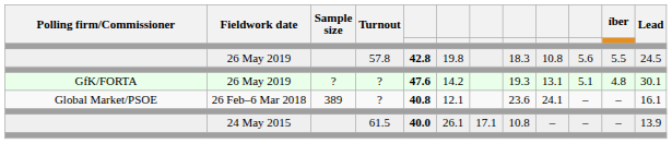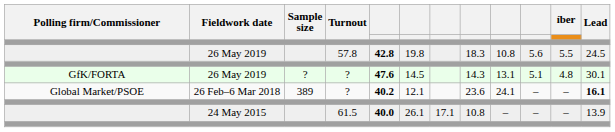 <table class="wikitable collapsible collapsed" style="text-align:center; font-size:95%; line-height:16px;">
 <tr style="height:42px;">
 <th style="width:250px;" rowspan="2">Polling firm/Commissioner</th>
 <th style="width:125px;" rowspan="2">Fieldwork date</th>
 <th style="width:50px;" rowspan="2">Sample size</th>
 <th style="width:45px;" rowspan="2">Turnout</th>
 <th style="width:35px;"></th>
 <th style="width:35px;"></th>
 <th style="width:35px;"></th>
 <th style="width:35px;"></th>
 <th style="width:35px;"></th>
 <th style="width:35px;"></th>
 <th style="width:35px;">íber</th>
 <th style="width:30px;" rowspan="2">Lead</th>
 </tr>
 <tr>
 <th style="color:inherit;background:"></th>
 <th style="color:inherit;background:"></th>
 <th style="color:inherit;background:"></th>
 <th style="color:inherit;background:"></th>
 <th style="color:inherit;background:"></th>
 <th style="color:inherit;background:"></th>
 <th style="color:inherit;background:#EA8E19;"></th>
 </tr>
 <tr>
 <td colspan="12" style="background:#A0A0A0"></td>
 </tr>
 <tr style="background:#EFEFEF;">
 <td><strong></strong></td>
 <td>26 May 2019</td>
 <td></td>
 <td>57.8</td>
 <td><strong>42.8</strong><br></td>
 <td>19.8<br></td>
 <td></td>
 <td>18.3<br></td>
 <td>10.8<br></td>
 <td>5.6<br></td>
 <td>5.5<br></td>
 <td style="background:">24.5</td>
 </tr>
 <tr>
 <td colspan="12" style="background:#A0A0A0"></td>
 </tr>
 <tr style="background:#EAFFEA;">
 <td>GfK/FORTA</td>
 <td>26 May 2019</td>
 <td>?</td>
 <td>?</td>
 <td><strong>47.6</strong><br></td>
-<td>14.2<br></td>
+<td>14.5<br></td>
 <td></td>
-<td>19.3<br></td>
+<td>14.3<br></td>
 <td>13.1<br></td>
 <td>5.1<br></td>
 <td>4.8<br></td>
 <td style="background:">30.1</td>
 </tr>
 <tr>
 <td>Global Market/PSOE</td>
 <td>26 Feb–6 Mar 2018</td>
 <td>389</td>
 <td>?</td>
-<td><strong>40.8</strong><br></td>
+<td><strong>40.2</strong><br></td>
 <td>12.1<br></td>
 <td></td>
 <td>23.6<br></td>
 <td>24.1<br></td>
 <td>–</td>
 <td>–</td>
-<td style="background:">16.1</td>
+<td style="background:"><strong>16.1</strong></td>
 </tr>
 <tr>
 <td colspan="12" style="background:#A0A0A0"></td>
 </tr>
 <tr style="background:#EFEFEF;">
 <td><strong></strong></td>
 <td>24 May 2015</td>
 <td></td>
 <td>61.5</td>
 <td><strong>40.0</strong><br></td>
 <td>26.1<br></td>
 <td>17.1<br></td>
 <td>10.8<br></td>
 <td>–</td>
 <td>–</td>
 <td>–</td>
 <td style="background:">13.9</td>
 </tr>
 <tr>
 <td colspan="12" style="background:#A0A0A0"></td>
 </tr>
 </table>
